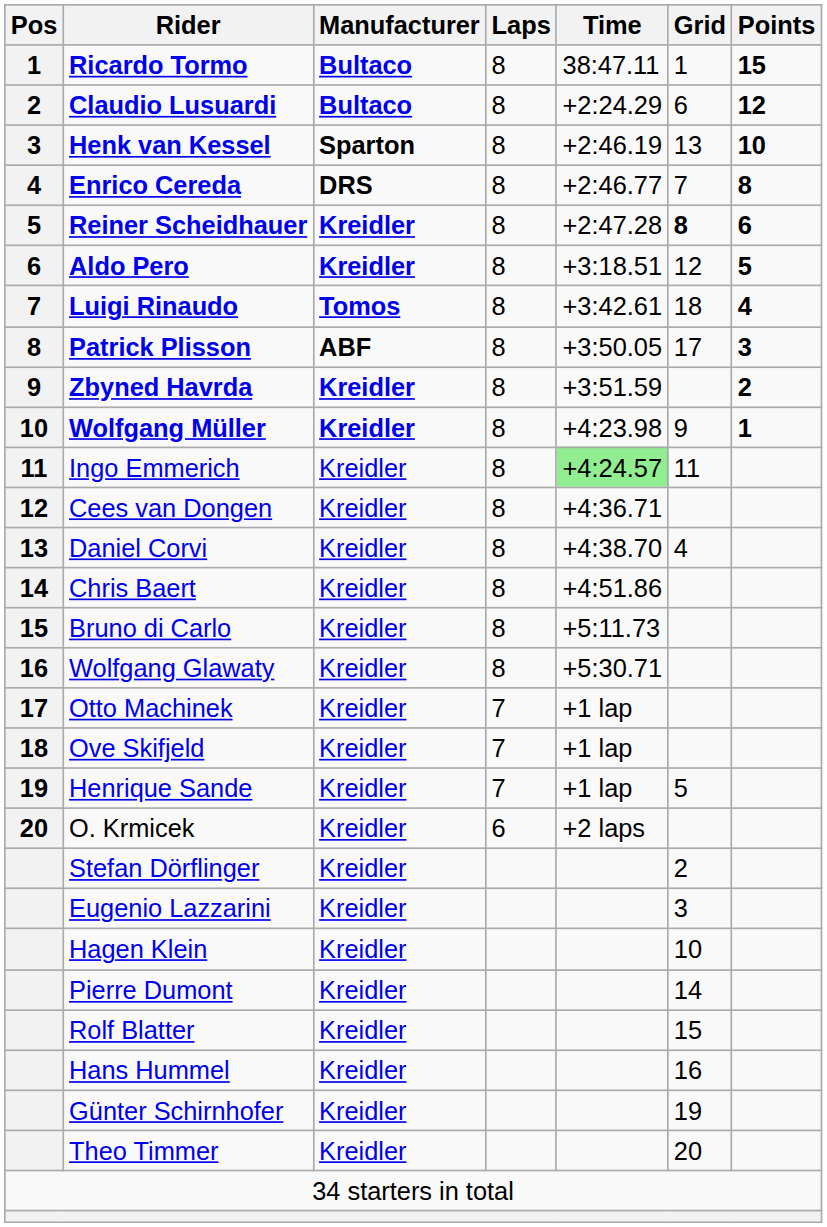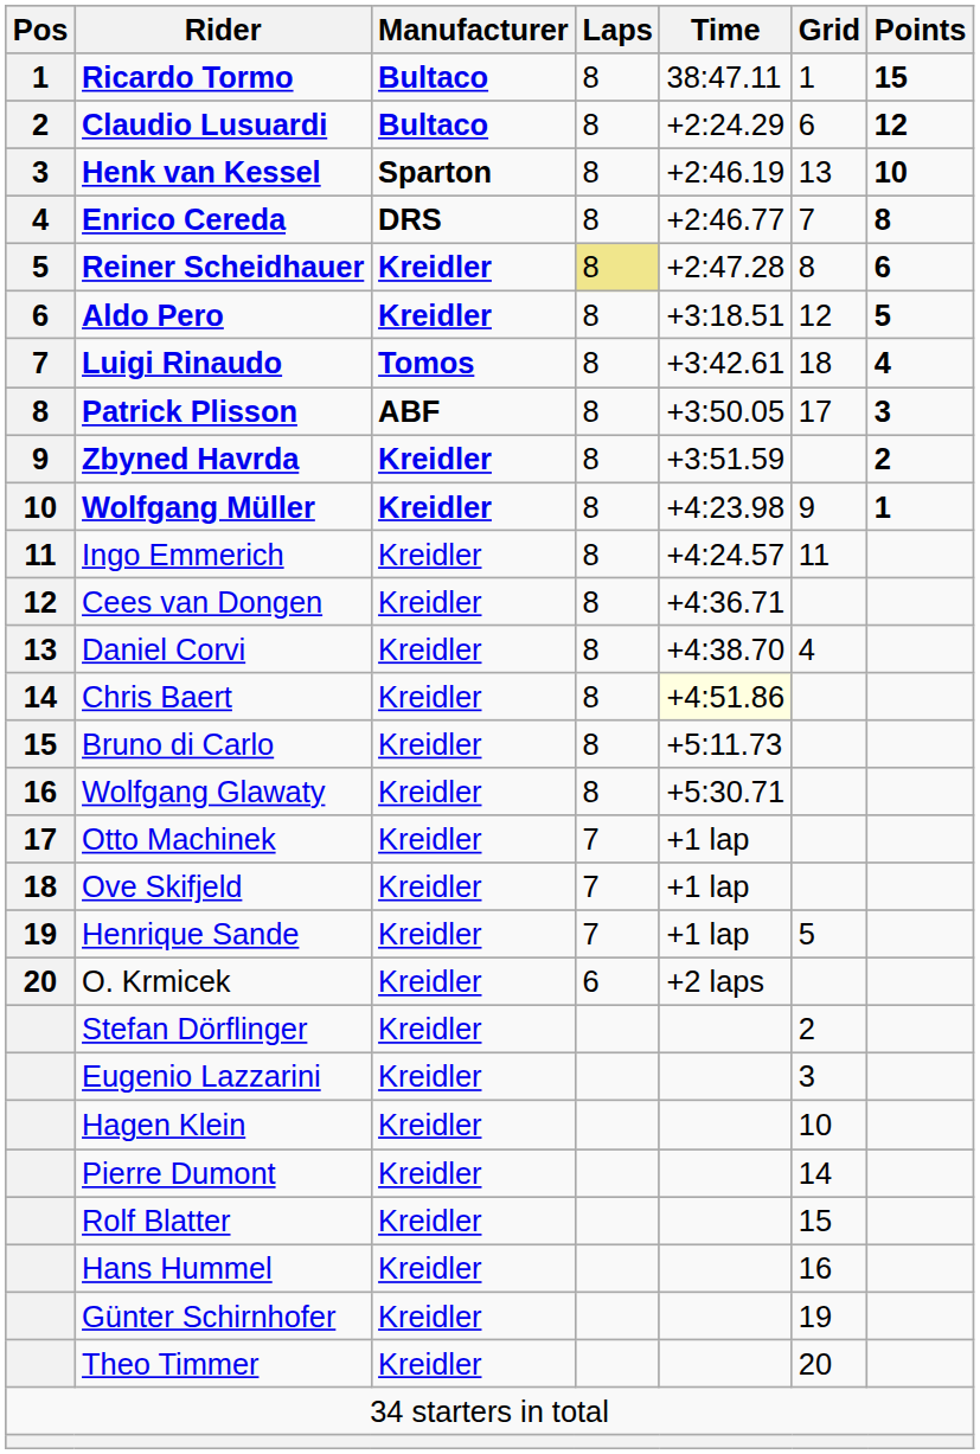 <table class="wikitable" style="font-size: 95%;">
 <tr>
 <th>Pos</th>
 <th>Rider</th>
 <th>Manufacturer</th>
 <th>Laps</th>
 <th>Time</th>
 <th>Grid</th>
 <th>Points</th>
 </tr>
 <tr>
 <th>1</th>
 <td> <strong><a href='#'>Ricardo Tormo</a></strong></td>
 <td><strong><a href='#'>Bultaco</a></strong></td>
 <td>8</td>
 <td>38:47.11</td>
 <td>1</td>
 <td><strong>15</strong></td>
 </tr>
 <tr>
 <th>2</th>
 <td> <strong><a href='#'>Claudio Lusuardi</a></strong></td>
 <td><strong><a href='#'>Bultaco</a></strong></td>
 <td>8</td>
 <td>+2:24.29</td>
 <td>6</td>
 <td><strong>12</strong></td>
 </tr>
 <tr>
 <th>3</th>
 <td> <strong><a href='#'>Henk van Kessel</a></strong></td>
 <td><strong>Sparton</strong></td>
 <td>8</td>
 <td>+2:46.19</td>
 <td>13</td>
 <td><strong>10</strong></td>
 </tr>
 <tr>
 <th>4</th>
 <td> <strong><a href='#'>Enrico Cereda</a></strong></td>
 <td><strong>DRS</strong></td>
 <td>8</td>
 <td>+2:46.77</td>
 <td>7</td>
 <td><strong>8</strong></td>
 </tr>
 <tr>
 <th>5</th>
 <td> <strong><a href='#'>Reiner Scheidhauer</a></strong></td>
 <td><strong><a href='#'>Kreidler</a></strong></td>
+<td style="background: khaki;">8</td>
+<td>+2:47.28</td>
 <td>8</td>
-<td>+2:47.28</td>
-<td><strong>8</strong></td>
 <td><strong>6</strong></td>
 </tr>
 <tr>
 <th>6</th>
 <td> <strong><a href='#'>Aldo Pero</a></strong></td>
 <td><strong><a href='#'>Kreidler</a></strong></td>
 <td>8</td>
 <td>+3:18.51</td>
 <td>12</td>
 <td><strong>5</strong></td>
 </tr>
 <tr>
 <th>7</th>
 <td> <strong><a href='#'>Luigi Rinaudo</a></strong></td>
 <td><strong><a href='#'>Tomos</a></strong></td>
 <td>8</td>
 <td>+3:42.61</td>
 <td>18</td>
 <td><strong>4</strong></td>
 </tr>
 <tr>
 <th>8</th>
 <td> <strong><a href='#'>Patrick Plisson</a></strong></td>
 <td><strong>ABF</strong></td>
 <td>8</td>
 <td>+3:50.05</td>
 <td>17</td>
 <td><strong>3</strong></td>
 </tr>
 <tr>
 <th>9</th>
 <td> <strong><a href='#'>Zbyned Havrda</a></strong></td>
 <td><strong><a href='#'>Kreidler</a></strong></td>
 <td>8</td>
 <td>+3:51.59</td>
 <td></td>
 <td><strong>2</strong></td>
 </tr>
 <tr>
 <th>10</th>
 <td> <strong><a href='#'>Wolfgang Müller</a></strong></td>
 <td><strong><a href='#'>Kreidler</a></strong></td>
 <td>8</td>
 <td>+4:23.98</td>
 <td>9</td>
 <td><strong>1</strong></td>
 </tr>
 <tr>
 <th>11</th>
 <td> <a href='#'>Ingo Emmerich</a></td>
 <td><a href='#'>Kreidler</a></td>
 <td>8</td>
-<td style="background: lightgreen;">+4:24.57</td>
+<td>+4:24.57</td>
 <td>11</td>
 <td></td>
 </tr>
 <tr>
 <th>12</th>
 <td> <a href='#'>Cees van Dongen</a></td>
 <td><a href='#'>Kreidler</a></td>
 <td>8</td>
 <td>+4:36.71</td>
 <td></td>
 <td></td>
 </tr>
 <tr>
 <th>13</th>
 <td> <a href='#'>Daniel Corvi</a></td>
 <td><a href='#'>Kreidler</a></td>
 <td>8</td>
 <td>+4:38.70</td>
 <td>4</td>
 <td></td>
 </tr>
 <tr>
 <th>14</th>
 <td> <a href='#'>Chris Baert</a></td>
 <td><a href='#'>Kreidler</a></td>
 <td>8</td>
-<td>+4:51.86</td>
+<td style="background: lightyellow;">+4:51.86</td>
 <td></td>
 <td></td>
 </tr>
 <tr>
 <th>15</th>
 <td> <a href='#'>Bruno di Carlo</a></td>
 <td><a href='#'>Kreidler</a></td>
 <td>8</td>
 <td>+5:11.73</td>
 <td></td>
 <td></td>
 </tr>
 <tr>
 <th>16</th>
 <td> <a href='#'>Wolfgang Glawaty</a></td>
 <td><a href='#'>Kreidler</a></td>
 <td>8</td>
 <td>+5:30.71</td>
 <td></td>
 <td></td>
 </tr>
 <tr>
 <th>17</th>
 <td> <a href='#'>Otto Machinek</a></td>
 <td><a href='#'>Kreidler</a></td>
 <td>7</td>
 <td>+1 lap</td>
 <td></td>
 <td></td>
 </tr>
 <tr>
 <th>18</th>
 <td> <a href='#'>Ove Skifjeld</a></td>
 <td><a href='#'>Kreidler</a></td>
 <td>7</td>
 <td>+1 lap</td>
 <td></td>
 <td></td>
 </tr>
 <tr>
 <th>19</th>
 <td> <a href='#'>Henrique Sande</a></td>
 <td><a href='#'>Kreidler</a></td>
 <td>7</td>
 <td>+1 lap</td>
 <td>5</td>
 <td></td>
 </tr>
 <tr>
 <th>20</th>
 <td> O. Krmicek</td>
 <td><a href='#'>Kreidler</a></td>
 <td>6</td>
 <td>+2 laps</td>
 <td></td>
 <td></td>
 </tr>
 <tr>
 <th></th>
 <td> <a href='#'>Stefan Dörflinger</a></td>
 <td><a href='#'>Kreidler</a></td>
 <td></td>
 <td></td>
 <td>2</td>
 <td></td>
 </tr>
 <tr>
 <th></th>
 <td> <a href='#'>Eugenio Lazzarini</a></td>
 <td><a href='#'>Kreidler</a></td>
 <td></td>
 <td></td>
 <td>3</td>
 <td></td>
 </tr>
 <tr>
 <th></th>
 <td> <a href='#'>Hagen Klein</a></td>
 <td><a href='#'>Kreidler</a></td>
 <td></td>
 <td></td>
 <td>10</td>
 <td></td>
 </tr>
 <tr>
 <th></th>
 <td> <a href='#'>Pierre Dumont</a></td>
 <td><a href='#'>Kreidler</a></td>
 <td></td>
 <td></td>
 <td>14</td>
 <td></td>
 </tr>
 <tr>
 <th></th>
 <td> <a href='#'>Rolf Blatter</a></td>
 <td><a href='#'>Kreidler</a></td>
 <td></td>
 <td></td>
 <td>15</td>
 <td></td>
 </tr>
 <tr>
 <th></th>
 <td> <a href='#'>Hans Hummel</a></td>
 <td><a href='#'>Kreidler</a></td>
 <td></td>
 <td></td>
 <td>16</td>
 <td></td>
 </tr>
 <tr>
 <th></th>
 <td> <a href='#'>Günter Schirnhofer</a></td>
 <td><a href='#'>Kreidler</a></td>
 <td></td>
 <td></td>
 <td>19</td>
 <td></td>
 </tr>
 <tr>
 <th></th>
 <td> <a href='#'>Theo Timmer</a></td>
 <td><a href='#'>Kreidler</a></td>
 <td></td>
 <td></td>
 <td>20</td>
 <td></td>
 </tr>
 <tr>
 <td colspan=7 align=center>34 starters in total</td>
 </tr>
 <tr>
 <th colspan=7></th>
 </tr>
 </table>
